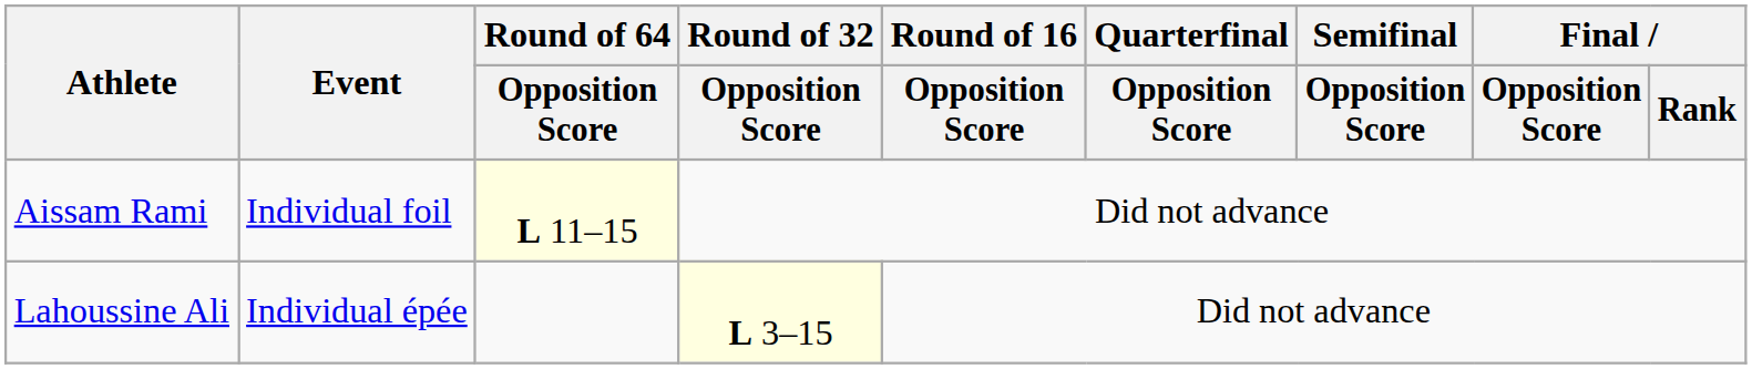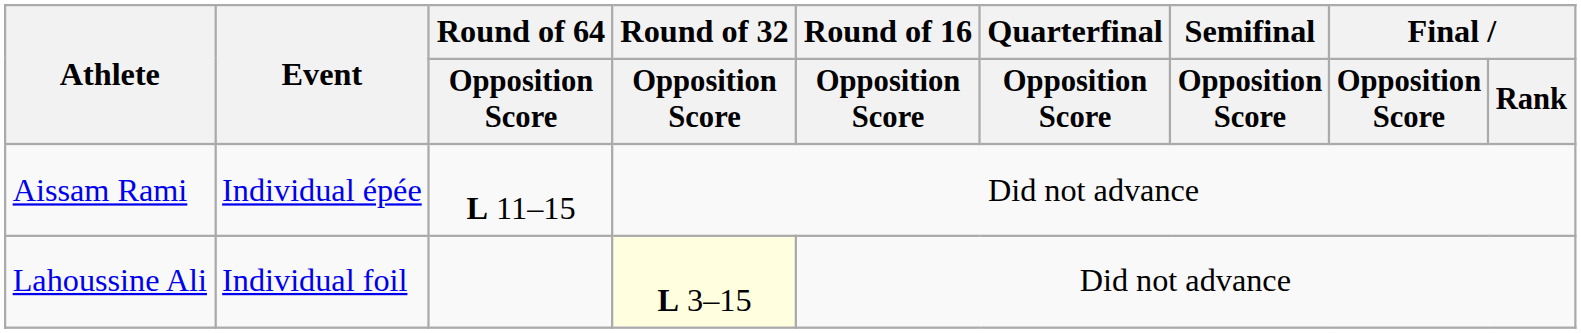 <table class="wikitable" style="font-size:90%">
 <tr>
 <th rowspan="2">Athlete</th>
 <th rowspan="2">Event</th>
 <th>Round of 64</th>
 <th>Round of 32</th>
 <th>Round of 16</th>
 <th>Quarterfinal</th>
 <th>Semifinal</th>
 <th colspan=2>Final / </th>
 </tr>
 <tr style="font-size:95%">
 <th>Opposition <br> Score</th>
 <th>Opposition <br> Score</th>
 <th>Opposition <br> Score</th>
 <th>Opposition <br> Score</th>
 <th>Opposition <br> Score</th>
 <th>Opposition <br> Score</th>
 <th>Rank</th>
 </tr>
 <tr align=center>
 <td align=left><a href='#'>Aissam Rami</a></td>
-<td align=left><a href='#'>Individual foil</a></td>
-<td style="background: lightyellow;"><br><strong>L</strong> 11–15</td>
+<td align=left><a href='#'>Individual épée</a></td>
+<td><br><strong>L</strong> 11–15</td>
 <td colspan=6>Did not advance</td>
 </tr>
 <tr align=center>
 <td align=left><a href='#'>Lahoussine Ali</a></td>
-<td align=left><a href='#'>Individual épée</a></td>
+<td align=left><a href='#'>Individual foil</a></td>
 <td></td>
 <td style="background: lightyellow;"><br><strong>L</strong> 3–15</td>
 <td colspan=5>Did not advance</td>
 </tr>
 </table>
